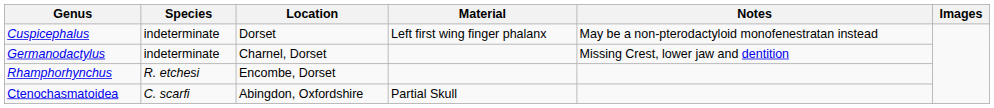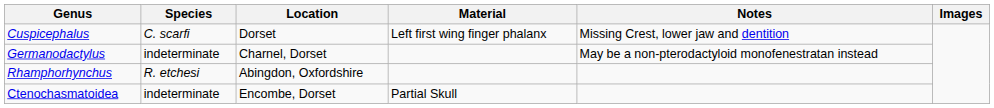 <table class="wikitable" align="center" width="100%">
 <tr>
 <th>Genus</th>
 <th>Species</th>
 <th>Location</th>
 <th>Material</th>
 <th>Notes</th>
 <th>Images</th>
 </tr>
 <tr>
 <td><em><a href='#'>Cuspicephalus</a></em></td>
-<td>indeterminate</td>
+<td><em>C. scarfi</em></td>
 <td>Dorset</td>
 <td>Left first wing finger phalanx</td>
-<td>May be a non-pterodactyloid monofenestratan instead</td>
+<td>Missing Crest, lower jaw and <a href='#'>dentition</a></td>
 <td rowspan="99"><br> </td>
 </tr>
 <tr>
 <td><em><a href='#'>Germanodactylus</a></em></td>
 <td>indeterminate</td>
 <td>Charnel, Dorset</td>
 <td></td>
-<td>Missing Crest, lower jaw and <a href='#'>dentition</a></td>
+<td>May be a non-pterodactyloid monofenestratan instead</td>
 </tr>
 <tr>
 <td><em><a href='#'>Rhamphorhynchus</a></em></td>
 <td><em>R. etchesi</em></td>
-<td>Encombe, Dorset</td>
+<td>Abingdon, Oxfordshire</td>
 <td></td>
 <td></td>
 </tr>
 <tr>
 <td><a href='#'>Ctenochasmatoidea</a></td>
-<td><em>C. scarfi</em></td>
-<td>Abingdon, Oxfordshire</td>
+<td>indeterminate</td>
+<td>Encombe, Dorset</td>
 <td>Partial Skull</td>
 <td></td>
 </tr>
 </table>
